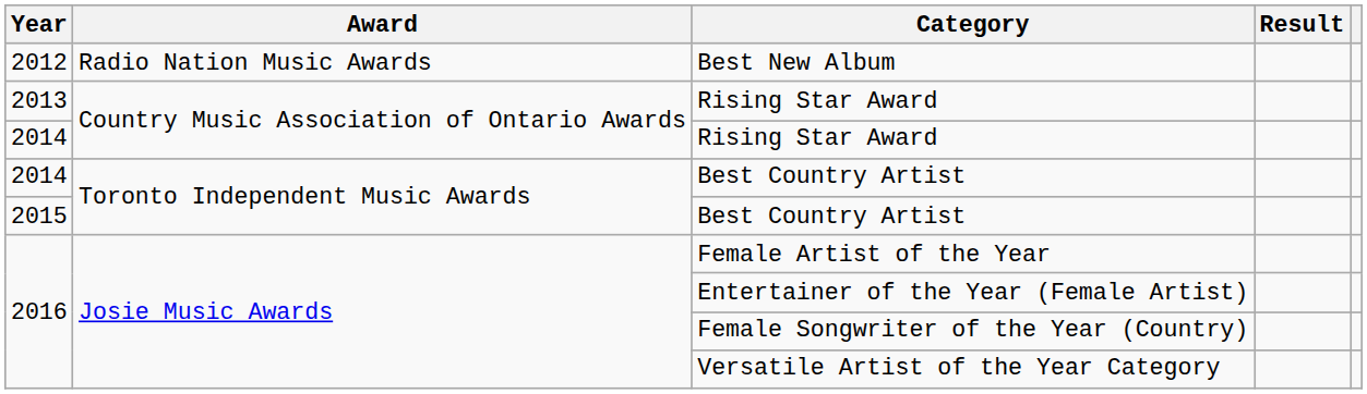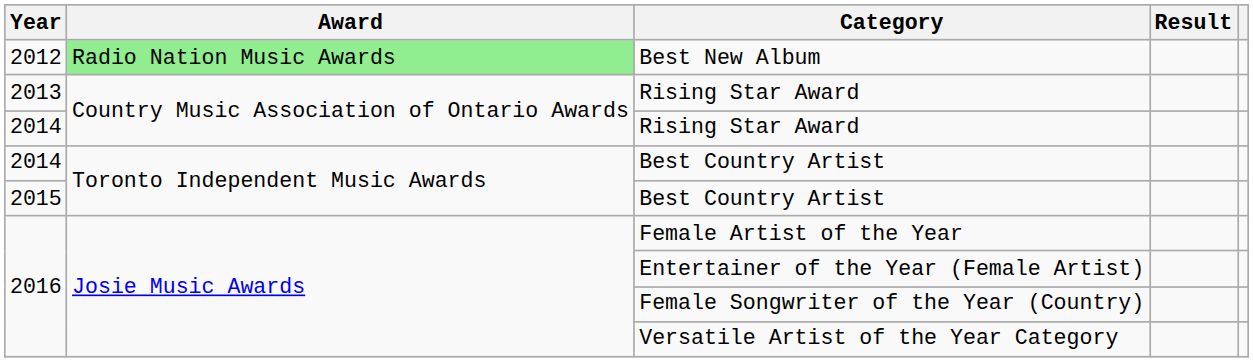 <table class="wikitable">
 <tr>
 <th>Year</th>
 <th>Award</th>
 <th>Category</th>
 <th>Result</th>
 <th class="unsortable"></th>
 </tr>
 <tr>
 <td>2012</td>
-<td>Radio Nation Music Awards</td>
+<td style="background: lightgreen;">Radio Nation Music Awards</td>
 <td>Best New Album</td>
 <td></td>
 <td style="text-align:center;"></td>
 </tr>
 <tr>
 <td>2013</td>
 <td rowspan="2">Country Music Association of Ontario Awards</td>
 <td>Rising Star Award</td>
 <td></td>
 <td style="text-align:center;"></td>
 </tr>
 <tr>
 <td>2014</td>
 <td>Rising Star Award</td>
 <td></td>
 <td style="text-align:center;"></td>
 </tr>
 <tr>
 <td>2014</td>
 <td rowspan="2">Toronto Independent Music Awards</td>
 <td>Best Country Artist</td>
 <td></td>
 <td style="text-align:center;"></td>
 </tr>
 <tr>
 <td>2015</td>
 <td>Best Country Artist</td>
 <td></td>
 <td style="text-align:center;"></td>
 </tr>
 <tr>
 <td rowspan="4">2016</td>
 <td rowspan="4"><a href='#'>Josie Music Awards</a></td>
 <td>Female Artist of the Year</td>
 <td></td>
 <td style="text-align:center;"></td>
 </tr>
 <tr>
 <td>Entertainer of the Year (Female Artist)</td>
 <td></td>
 <td style="text-align:center;"></td>
 </tr>
 <tr>
 <td>Female Songwriter of the Year (Country)</td>
 <td></td>
 <td style="text-align:center;"></td>
 </tr>
 <tr>
 <td>Versatile Artist of the Year Category</td>
 <td></td>
 <td style="text-align:center;"></td>
 </tr>
 </table>
